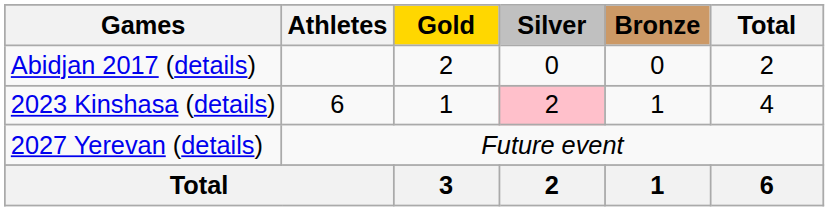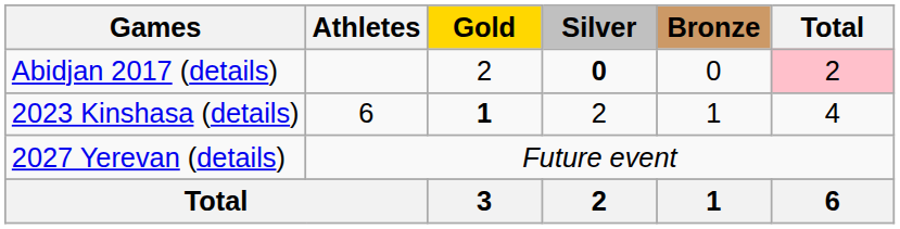 <table class="wikitable" style="text-align:center; font-size:90%;">
 <tr>
 <th>Games</th>
 <th>Athletes</th>
 <td style="background:gold; width:3.7em; font-weight:bold;">Gold</td>
 <td style="background:silver; width:3.7em; font-weight:bold;">Silver</td>
 <td style="background:#cc9966; width:3.7em; font-weight:bold;">Bronze</td>
 <th style="width:4em; font-weight:bold;">Total</th>
 </tr>
 <tr>
 <td align=left> <a href='#'>Abidjan 2017</a> (<a href='#'>details</a>)</td>
 <td></td>
 <td>2</td>
+<td><strong>0</strong></td>
 <td>0</td>
-<td>0</td>
-<td>2</td>
+<td style="background: pink;">2</td>
 </tr>
 <tr>
 <td align=left> <a href='#'>2023 Kinshasa</a> (<a href='#'>details</a>)</td>
 <td>6</td>
-<td>1</td>
-<td style="background: pink;">2</td>
+<td><strong>1</strong></td>
+<td>2</td>
 <td>1</td>
 <td>4</td>
 </tr>
 <tr>
 <td align=left> <a href='#'>2027 Yerevan</a> (<a href='#'>details</a>)</td>
 <td colspan=7; rowspan=1><em>Future event</em></td>
 </tr>
 <tr>
 <th colspan=2>Total</th>
 <th>3</th>
 <th>2</th>
 <th>1</th>
 <th>6</th>
 </tr>
 </table>
